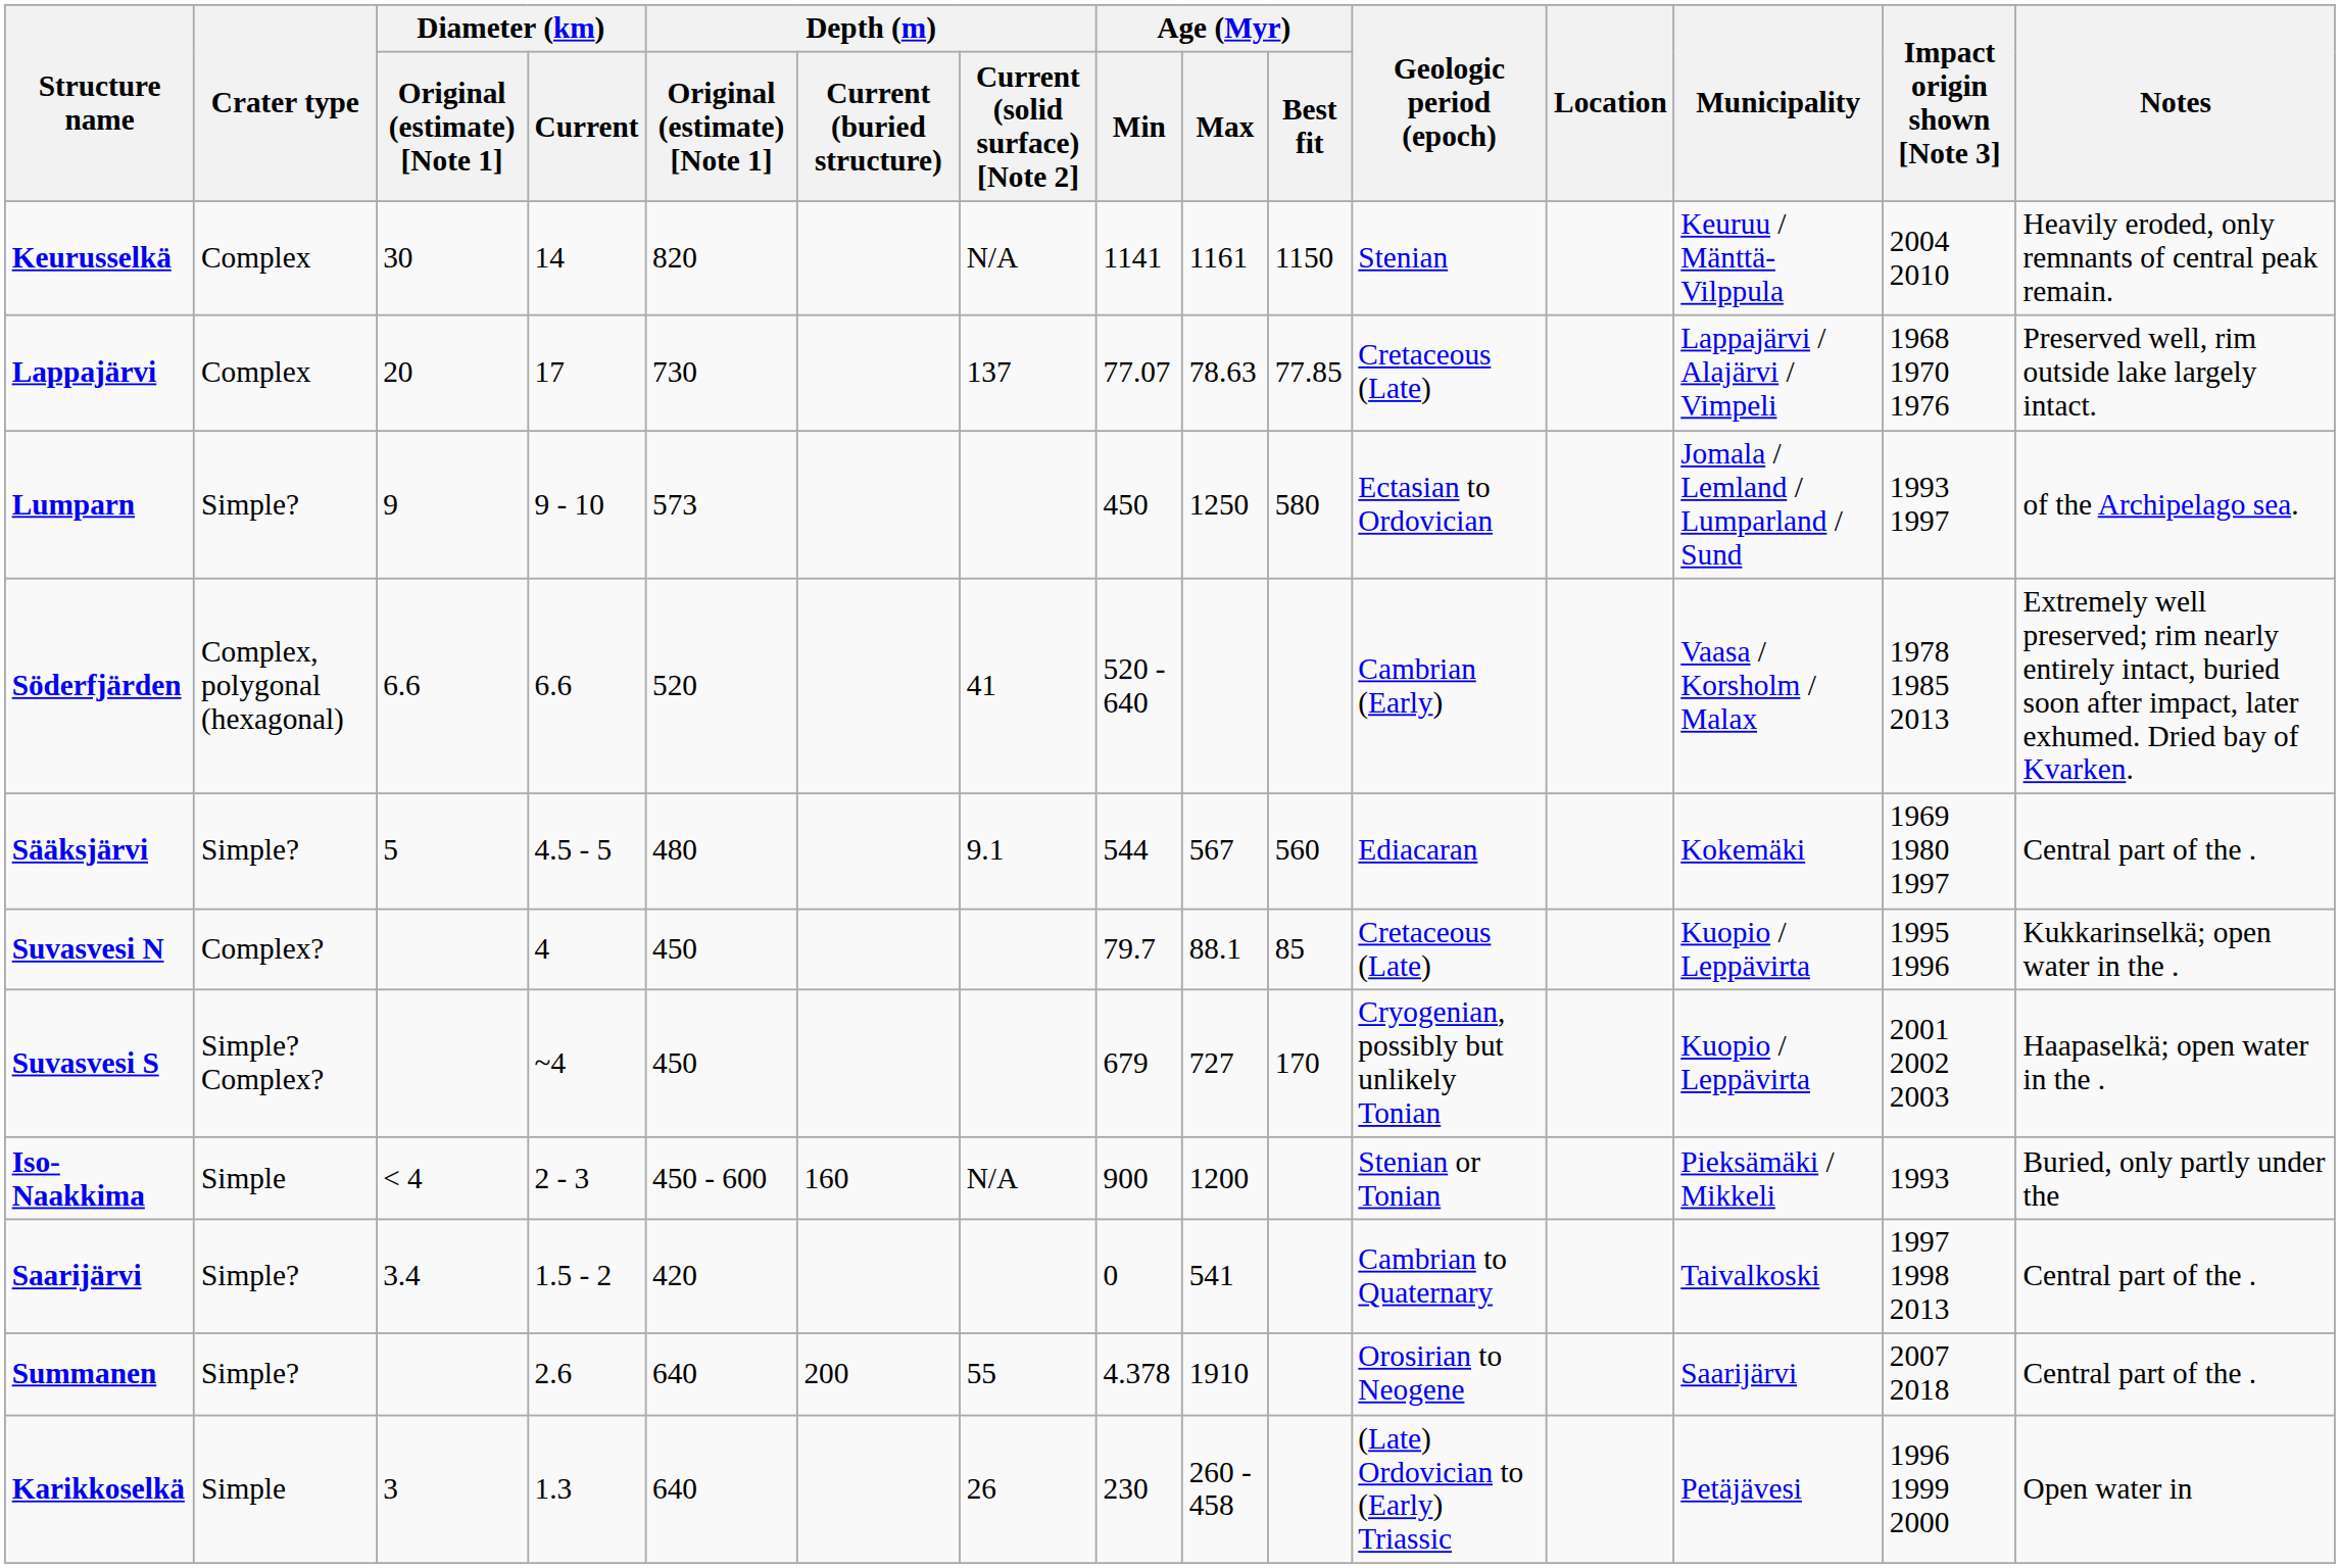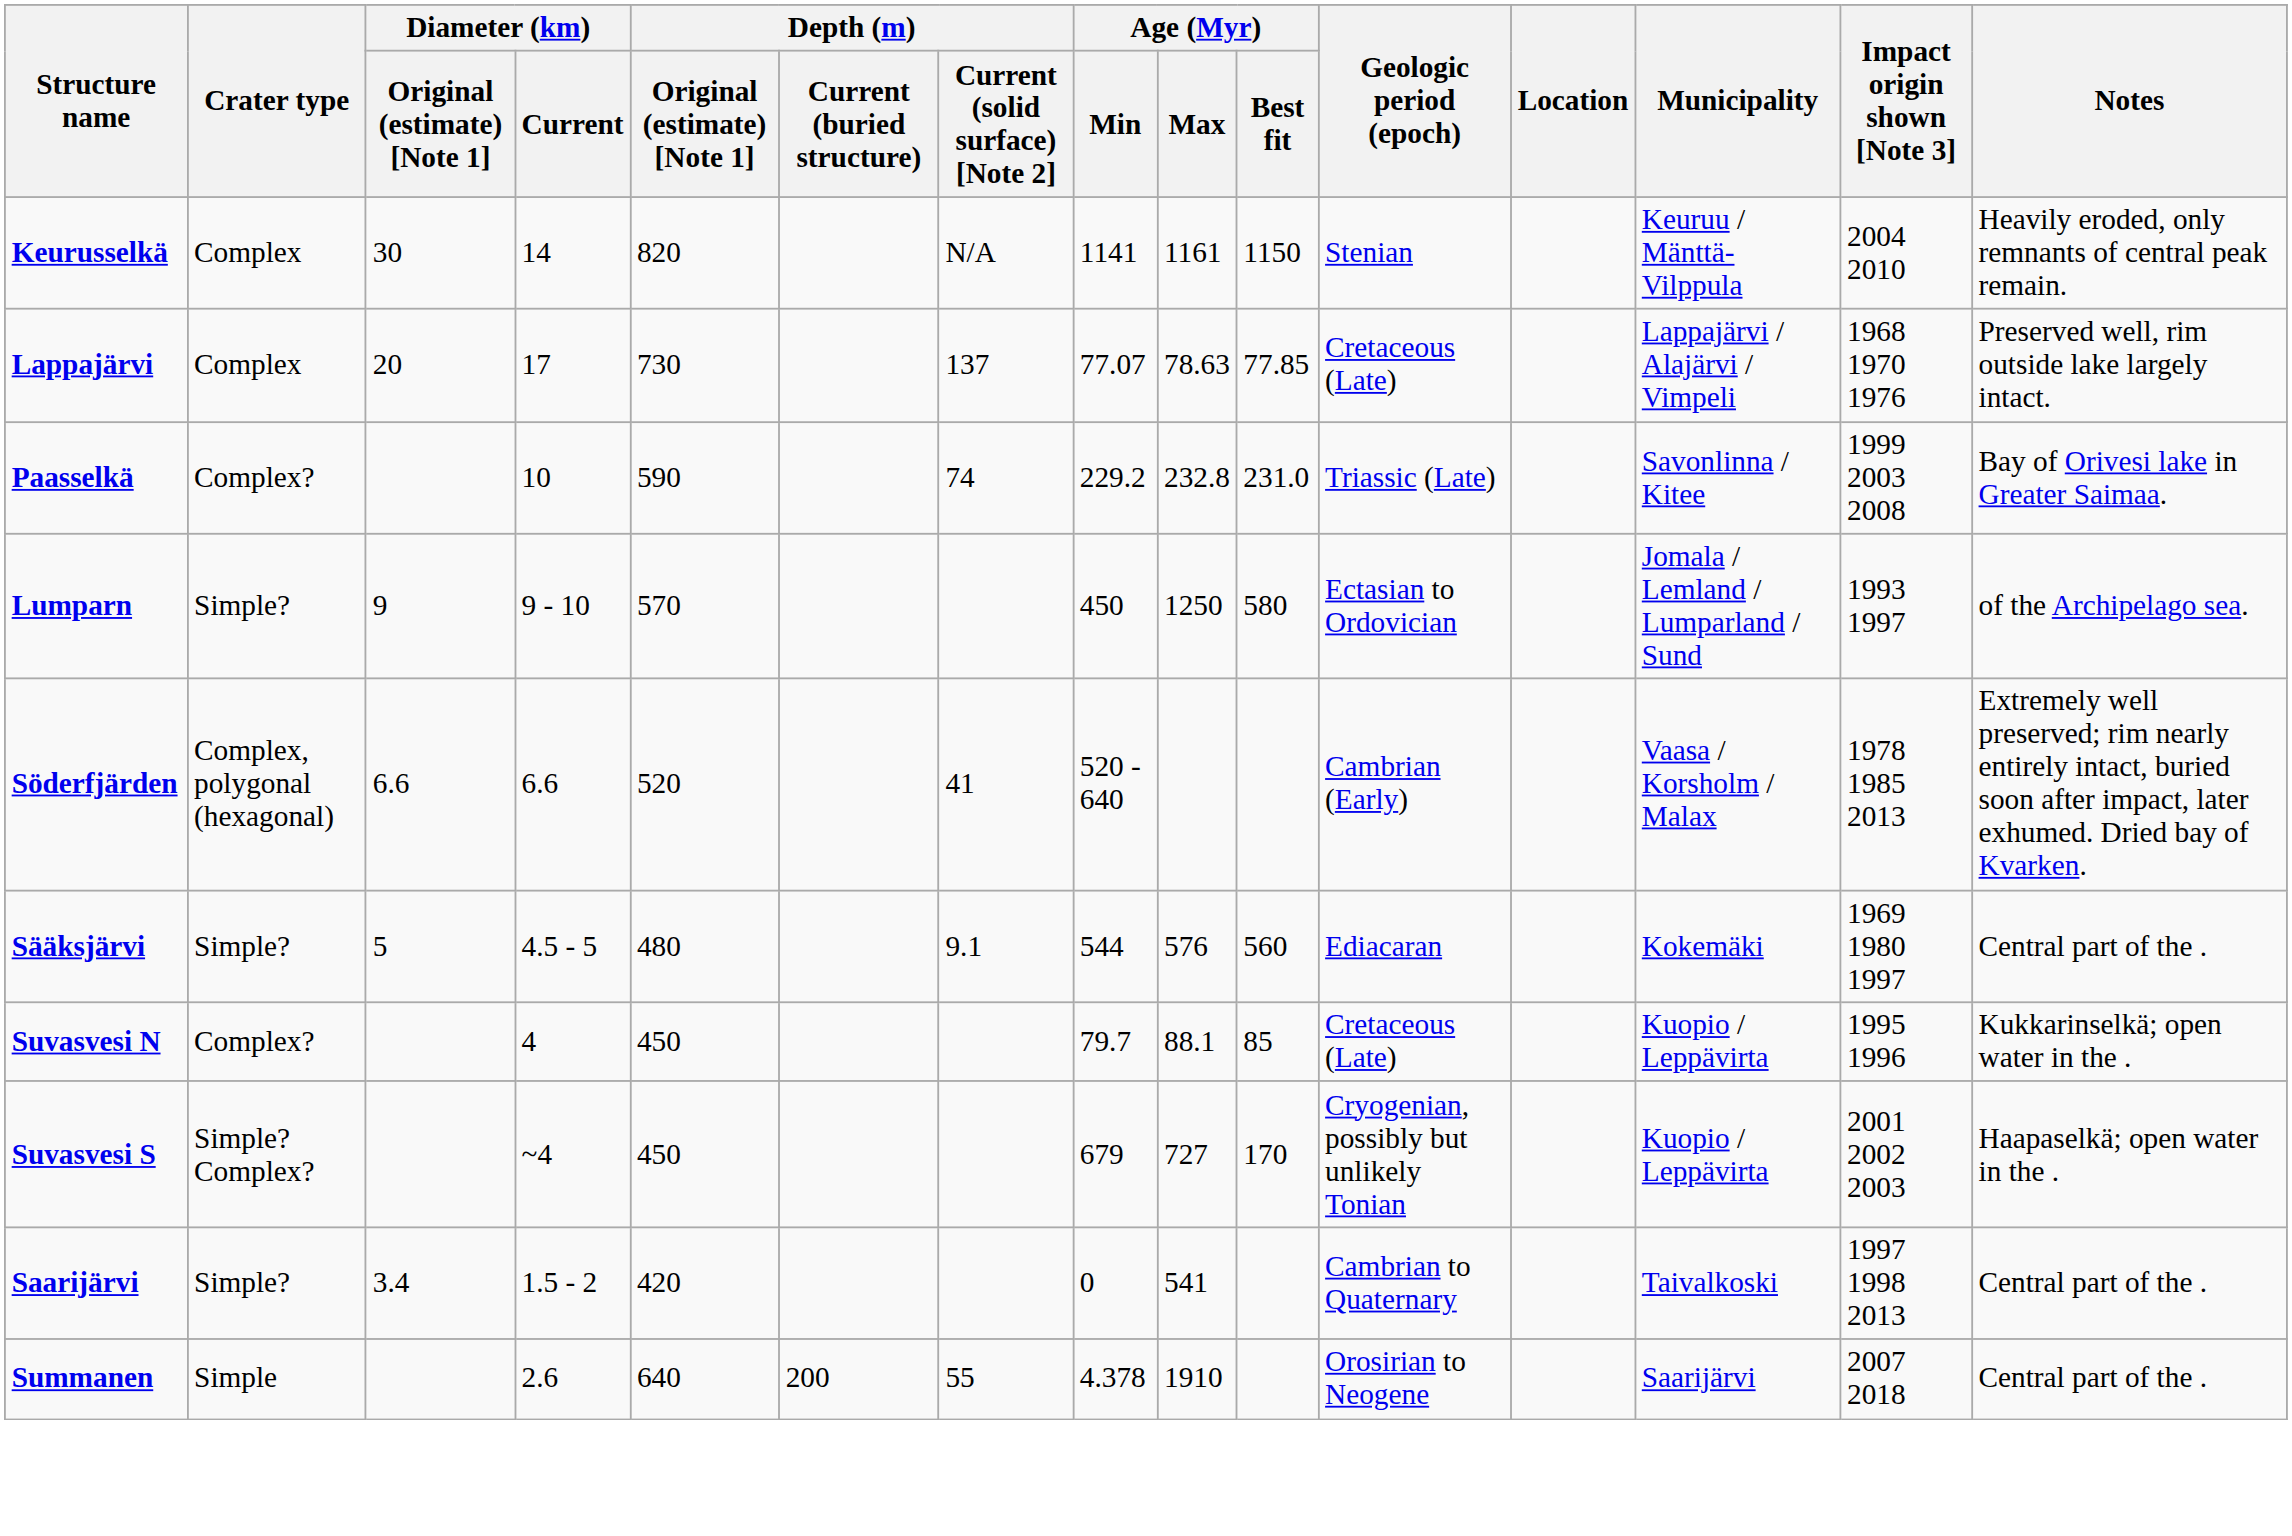 <table class="wikitable sortable">
 <tr>
 <th rowspan="2">Structure name</th>
 <th rowspan="2">Crater type</th>
 <th colspan="2">Diameter (<a href='#'>km</a>)</th>
 <th colspan="3">Depth (<a href='#'>m</a>)</th>
 <th colspan="3">Age (<a href='#'>Myr</a>)</th>
 <th rowspan="2">Geologic period (epoch)</th>
 <th rowspan="2" class="unsortable">Location</th>
 <th rowspan="2" class="unsortable">Municipality</th>
 <th rowspan="2">Impact origin shown [Note 3]</th>
 <th rowspan="2" class="unsortable">Notes</th>
 </tr>
 <tr>
 <th>Original (estimate)<br>[Note 1]</th>
 <th>Current</th>
 <th>Original (estimate)<br>[Note 1]</th>
 <th>Current (buried structure)</th>
 <th>Current (solid surface)<br>[Note 2]</th>
 <th>Min</th>
 <th>Max</th>
 <th>Best fit</th>
 </tr>
 <tr>
 <td><strong><a href='#'>Keurusselkä</a></strong></td>
 <td>Complex</td>
 <td>30</td>
 <td>14</td>
 <td>820</td>
 <td></td>
 <td>N/A</td>
 <td>1141</td>
 <td>1161</td>
 <td>1150</td>
 <td><a href='#'>Stenian</a></td>
 <td></td>
 <td><a href='#'>Keuruu</a> / <a href='#'>Mänttä-Vilppula</a></td>
 <td>2004<br>2010</td>
 <td>Heavily eroded, only remnants of central peak remain.</td>
 </tr>
 <tr>
 <td><a href='#'><strong>Lappajärvi</strong></a></td>
 <td>Complex</td>
 <td>20</td>
 <td>17</td>
 <td>730</td>
 <td></td>
 <td>137</td>
 <td>77.07</td>
 <td>78.63</td>
 <td>77.85</td>
 <td><a href='#'>Cretaceous</a> (<a href='#'>Late</a>)</td>
 <td></td>
 <td><a href='#'>Lappajärvi</a> / <a href='#'>Alajärvi</a> / <a href='#'>Vimpeli</a></td>
 <td>1968<br>1970<br>1976 </td>
 <td>Preserved well, rim outside lake largely intact.</td>
 </tr>
 <tr>
+<td><strong><a href='#'>Paasselkä</a></strong></td>
+<td>Complex?</td>
+<td></td>
+<td>10</td>
+<td>590</td>
+<td></td>
+<td>74</td>
+<td>229.2<br></td>
+<td>232.8<br></td>
+<td>231.0<br></td>
+<td><a href='#'>Triassic</a> (<a href='#'>Late</a>)</td>
+<td></td>
+<td><a href='#'>Savonlinna</a> / <a href='#'>Kitee</a></td>
+<td>1999<br>2003<br>2008</td>
+<td>Bay of <a href='#'>Orivesi lake</a> in <a href='#'>Greater Saimaa</a>.</td>
+</tr>
+<tr>
 <td><strong><a href='#'>Lumparn</a></strong></td>
 <td>Simple?</td>
 <td>9</td>
 <td>9 - 10</td>
-<td>573</td>
+<td>570</td>
 <td></td>
 <td></td>
 <td>450</td>
 <td>1250</td>
 <td>580</td>
 <td><a href='#'>Ectasian</a> to <a href='#'>Ordovician</a></td>
 <td></td>
 <td><a href='#'>Jomala</a> / <a href='#'>Lemland</a> / <a href='#'>Lumparland</a> / <a href='#'>Sund</a></td>
 <td>1993<br>1997</td>
 <td> of the <a href='#'>Archipelago sea</a>.</td>
 </tr>
 <tr>
 <td><strong><a href='#'>Söderfjärden</a></strong></td>
 <td>Complex, polygonal (hexagonal)</td>
 <td>6.6</td>
 <td>6.6</td>
 <td>520</td>
 <td></td>
 <td>41</td>
 <td>520 - 640</td>
 <td></td>
 <td></td>
 <td><a href='#'>Cambrian</a> (<a href='#'>Early</a>)</td>
 <td></td>
 <td><a href='#'>Vaasa</a> / <a href='#'>Korsholm</a> / <a href='#'>Malax</a></td>
 <td>1978<br>1985<br>2013</td>
 <td>Extremely well preserved; rim nearly entirely intact, buried soon after impact, later exhumed. Dried bay of <a href='#'>Kvarken</a>.</td>
 </tr>
 <tr>
 <td><strong><a href='#'>Sääksjärvi</a></strong></td>
 <td>Simple?</td>
 <td>5</td>
 <td>4.5 - 5</td>
 <td>480</td>
 <td></td>
 <td>9.1</td>
 <td>544</td>
-<td>567</td>
+<td>576</td>
 <td>560</td>
 <td><a href='#'>Ediacaran</a></td>
 <td></td>
 <td><a href='#'>Kokemäki</a></td>
 <td>1969<br>1980<br>1997</td>
 <td>Central part of the .</td>
 </tr>
 <tr>
 <td><a href='#'><strong>Suvasvesi N</strong></a></td>
 <td>Complex?</td>
 <td></td>
 <td>4</td>
 <td>450</td>
 <td></td>
 <td></td>
 <td>79.7</td>
 <td>88.1</td>
 <td>85</td>
 <td><a href='#'>Cretaceous</a> (<a href='#'>Late</a>)</td>
 <td></td>
 <td><a href='#'>Kuopio</a> / <a href='#'>Leppävirta</a></td>
 <td>1995<br>1996</td>
 <td>Kukkarinselkä; open water in the .</td>
 </tr>
 <tr>
 <td><a href='#'><strong>Suvasvesi S</strong></a></td>
 <td>Simple?<br>Complex?</td>
 <td></td>
 <td>~4</td>
 <td>450</td>
 <td></td>
 <td></td>
 <td>679</td>
 <td>727</td>
 <td>170</td>
 <td><a href='#'>Cryogenian</a>, possibly but unlikely <a href='#'>Tonian</a></td>
 <td></td>
 <td><a href='#'>Kuopio</a> / <a href='#'>Leppävirta</a></td>
 <td>2001<br>2002 2003</td>
 <td>Haapaselkä; open water in the .</td>
 </tr>
 <tr>
-<td><strong><a href='#'>Iso-Naakkima</a></strong></td>
-<td>Simple</td>
-<td>< 4</td>
-<td>2 - 3</td>
-<td>450 - 600</td>
-<td>160</td>
-<td>N/A</td>
-<td>900</td>
-<td>1200</td>
-<td></td>
-<td><a href='#'>Stenian</a> or <a href='#'>Tonian</a></td>
-<td></td>
-<td><a href='#'>Pieksämäki</a> / <a href='#'>Mikkeli</a></td>
-<td>1993</td>
-<td>Buried, only partly under the </td>
-</tr>
-<tr>
 <td><a href='#'><strong>Saarijärvi</strong></a></td>
 <td>Simple?</td>
 <td>3.4</td>
 <td>1.5 - 2</td>
 <td>420</td>
 <td></td>
 <td></td>
 <td>0</td>
 <td>541</td>
 <td></td>
 <td><a href='#'>Cambrian</a> to <a href='#'>Quaternary</a></td>
 <td></td>
 <td><a href='#'>Taivalkoski</a></td>
 <td>1997<br>1998<br>2013</td>
 <td>Central part of the .</td>
 </tr>
 <tr>
 <td><a href='#'><strong>Summanen</strong></a></td>
-<td>Simple?</td>
+<td>Simple</td>
 <td></td>
 <td>2.6</td>
 <td>640</td>
 <td>200</td>
 <td>55</td>
 <td>4.378</td>
 <td>1910</td>
 <td></td>
 <td><a href='#'>Orosirian</a> to <a href='#'>Neogene</a></td>
 <td></td>
 <td><a href='#'>Saarijärvi</a></td>
 <td>2007<br>2018</td>
 <td>Central part of the .</td>
 </tr>
-<tr>
-<td><strong><a href='#'>Karikkoselkä</a></strong></td>
-<td>Simple</td>
-<td>3</td>
-<td>1.3</td>
-<td>640</td>
-<td></td>
-<td>26</td>
-<td>230</td>
-<td>260 - 458</td>
-<td></td>
-<td>(<a href='#'>Late</a>) <a href='#'>Ordovician</a> to (<a href='#'>Early</a>) <a href='#'>Triassic</a></td>
-<td></td>
-<td><a href='#'>Petäjävesi</a></td>
-<td>1996<br>1999<br>2000</td>
-<td>Open water in </td>
-</tr>
 </table>
